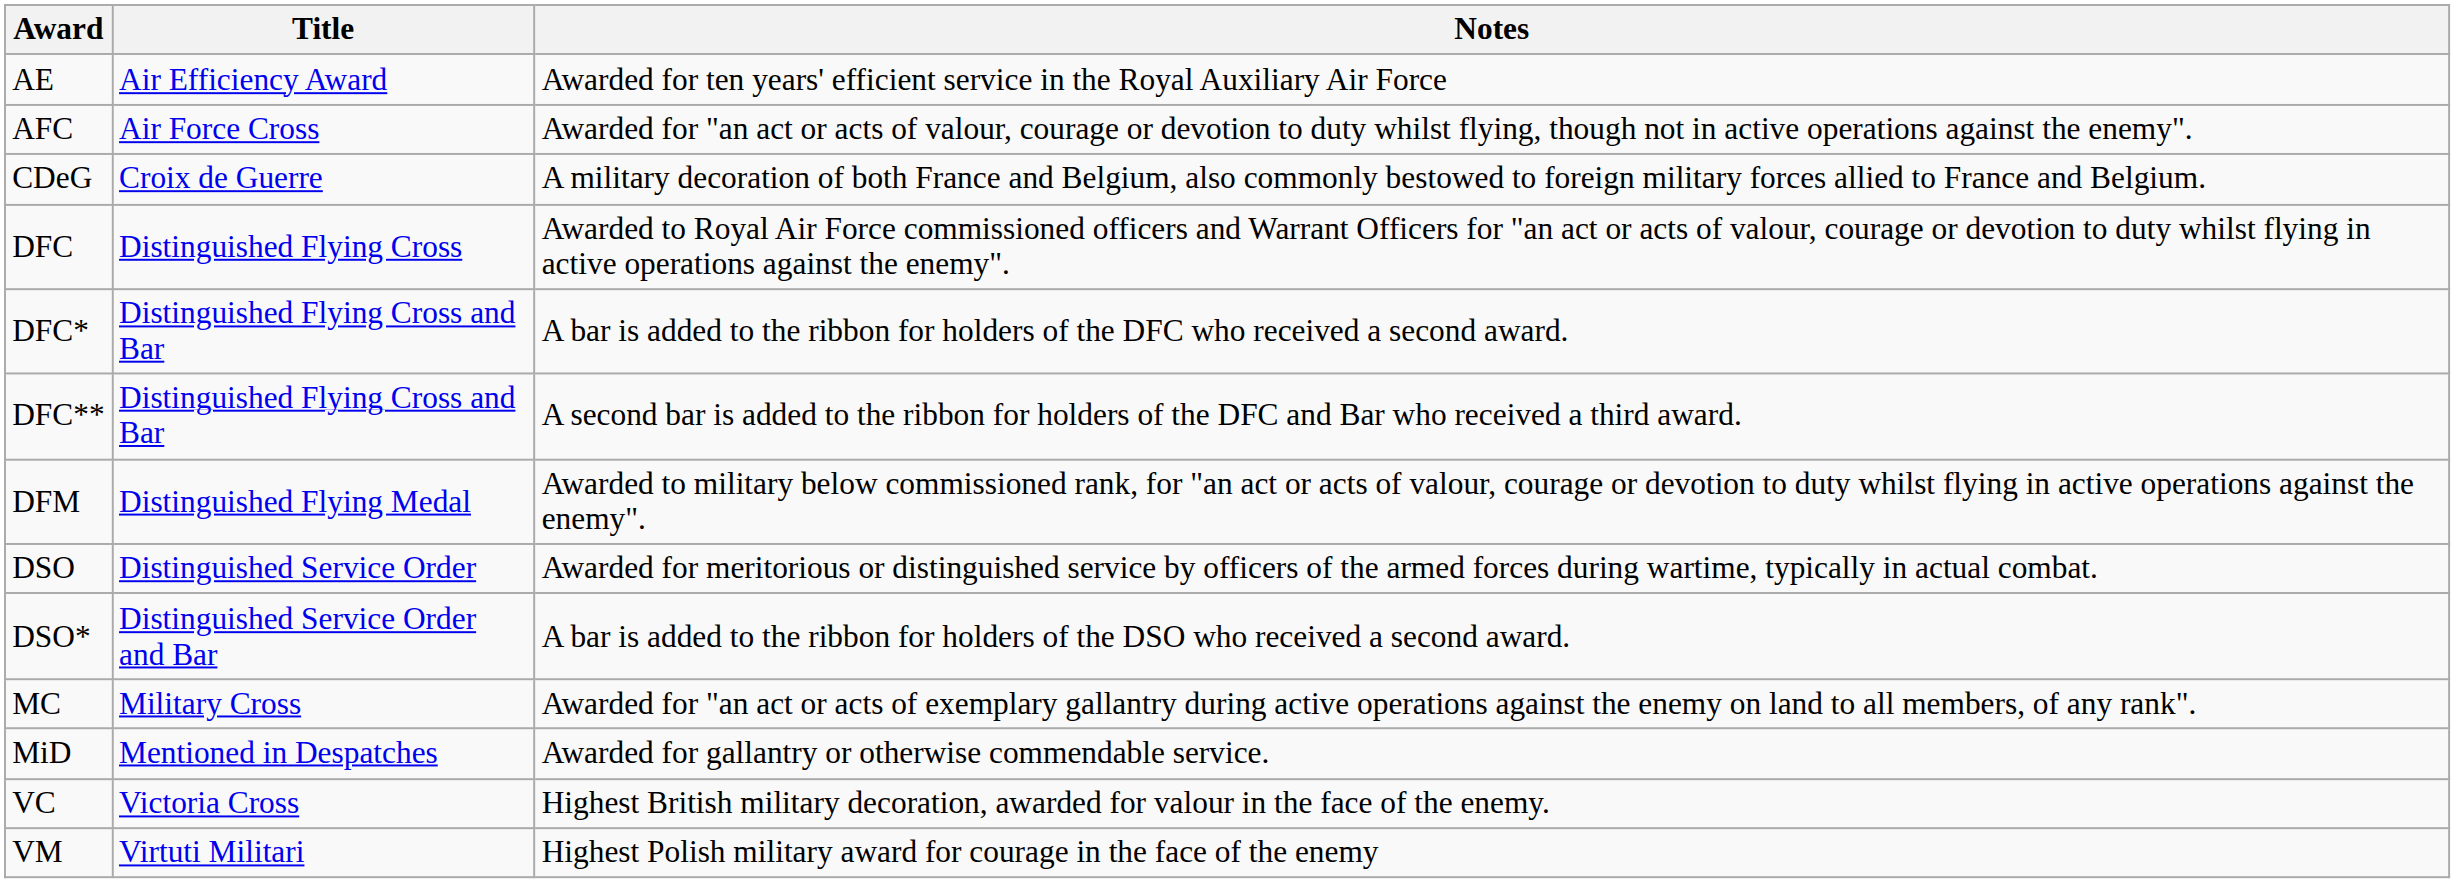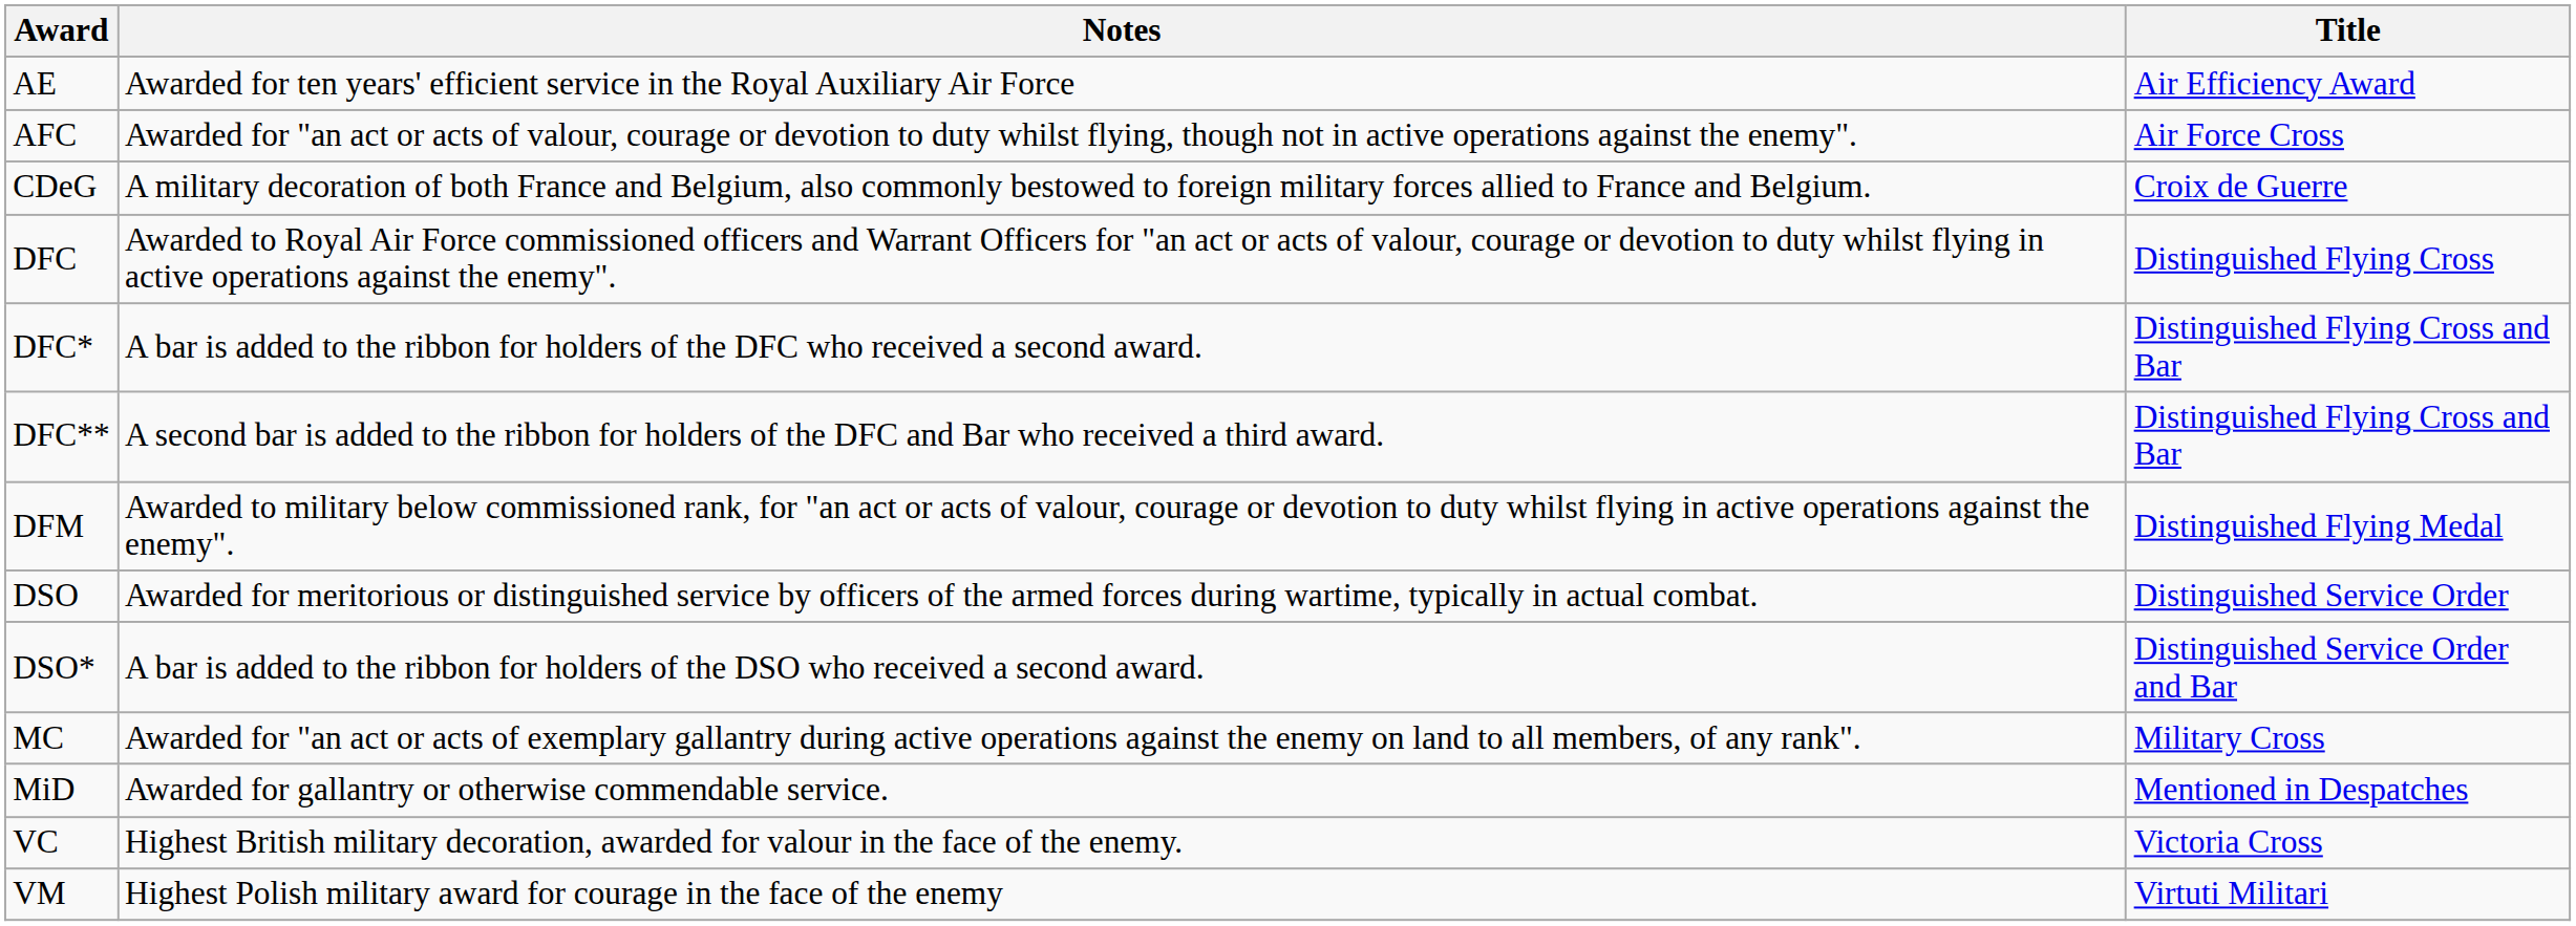 <table class="wikitable">
 <tr>
 <th>Award</th>
+<th>Notes</th>
 <th>Title</th>
-<th>Notes</th>
 </tr>
 <tr>
 <td>AE</td>
+<td>Awarded for ten years' efficient service in the Royal Auxiliary Air Force</td>
 <td><a href='#'>Air Efficiency Award</a></td>
-<td>Awarded for ten years' efficient service in the Royal Auxiliary Air Force</td>
 </tr>
 <tr>
 <td>AFC</td>
+<td>Awarded for "an act or acts of valour, courage or devotion to duty whilst flying, though not in active operations against the enemy".</td>
 <td><a href='#'>Air Force Cross</a></td>
-<td>Awarded for "an act or acts of valour, courage or devotion to duty whilst flying, though not in active operations against the enemy".</td>
 </tr>
 <tr>
 <td>CDeG</td>
+<td>A military decoration of both France and Belgium, also commonly bestowed to foreign military forces allied to France and Belgium.</td>
 <td><a href='#'>Croix de Guerre</a></td>
-<td>A military decoration of both France and Belgium, also commonly bestowed to foreign military forces allied to France and Belgium.</td>
 </tr>
 <tr>
 <td>DFC</td>
+<td>Awarded to Royal Air Force commissioned officers and Warrant Officers for "an act or acts of valour, courage or devotion to duty whilst flying in active operations against the enemy".</td>
 <td><a href='#'>Distinguished Flying Cross</a></td>
-<td>Awarded to Royal Air Force commissioned officers and Warrant Officers for "an act or acts of valour, courage or devotion to duty whilst flying in active operations against the enemy".</td>
 </tr>
 <tr>
 <td>DFC*</td>
+<td>A bar is added to the ribbon for holders of the DFC who received a second award.</td>
 <td><a href='#'>Distinguished Flying Cross and Bar</a></td>
-<td>A bar is added to the ribbon for holders of the DFC who received a second award.</td>
 </tr>
 <tr>
 <td>DFC**</td>
+<td>A second bar is added to the ribbon for holders of the DFC and Bar who received a third award.</td>
 <td><a href='#'>Distinguished Flying Cross and Bar</a></td>
-<td>A second bar is added to the ribbon for holders of the DFC and Bar who received a third award.</td>
 </tr>
 <tr>
 <td>DFM</td>
+<td>Awarded to military below commissioned rank, for "an act or acts of valour, courage or devotion to duty whilst flying in active operations against the enemy".</td>
 <td><a href='#'>Distinguished Flying Medal</a></td>
-<td>Awarded to military below commissioned rank, for "an act or acts of valour, courage or devotion to duty whilst flying in active operations against the enemy".</td>
 </tr>
 <tr>
 <td>DSO</td>
+<td>Awarded for meritorious or distinguished service by officers of the armed forces during wartime, typically in actual combat.</td>
 <td><a href='#'>Distinguished Service Order</a></td>
-<td>Awarded for meritorious or distinguished service by officers of the armed forces during wartime, typically in actual combat.</td>
 </tr>
 <tr>
 <td>DSO*</td>
+<td>A bar is added to the ribbon for holders of the DSO who received a second award.</td>
 <td><a href='#'>Distinguished Service Order and Bar</a></td>
-<td>A bar is added to the ribbon for holders of the DSO who received a second award.</td>
 </tr>
 <tr>
 <td>MC</td>
+<td>Awarded for "an act or acts of exemplary gallantry during active operations against the enemy on land to all members, of any rank".</td>
 <td><a href='#'>Military Cross</a></td>
-<td>Awarded for "an act or acts of exemplary gallantry during active operations against the enemy on land to all members, of any rank".</td>
 </tr>
 <tr>
 <td>MiD</td>
+<td>Awarded for gallantry or otherwise commendable service.</td>
 <td><a href='#'>Mentioned in Despatches</a></td>
-<td>Awarded for gallantry or otherwise commendable service.</td>
 </tr>
 <tr>
 <td>VC</td>
+<td>Highest British military decoration, awarded for valour in the face of the enemy.</td>
 <td><a href='#'>Victoria Cross</a></td>
-<td>Highest British military decoration, awarded for valour in the face of the enemy.</td>
 </tr>
 <tr>
 <td>VM</td>
+<td>Highest Polish military award for courage in the face of the enemy</td>
 <td><a href='#'>Virtuti Militari</a></td>
-<td>Highest Polish military award for courage in the face of the enemy</td>
 </tr>
 </table>
